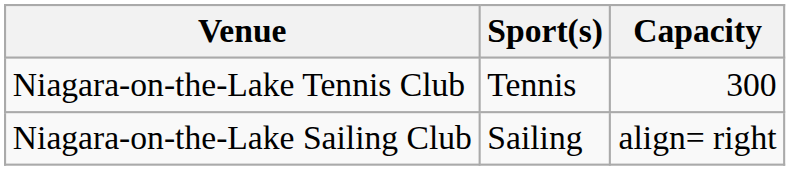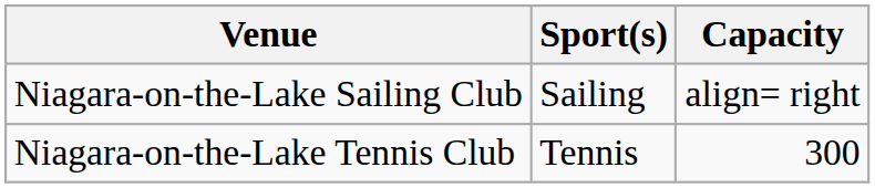 <table class="wikitable sortable">
 <tr>
 <th>Venue</th>
 <th>Sport(s)</th>
 <th>Capacity</th>
 </tr>
 <tr>
+<td>Niagara-on-the-Lake Sailing Club</td>
+<td>Sailing</td>
+<td>align= right </td>
+</tr>
+<tr>
 <td>Niagara-on-the-Lake Tennis Club</td>
 <td>Tennis</td>
 <td align="right">300</td>
 </tr>
-<tr>
-<td>Niagara-on-the-Lake Sailing Club</td>
-<td>Sailing</td>
-<td>align= right </td>
-</tr>
 </table>
